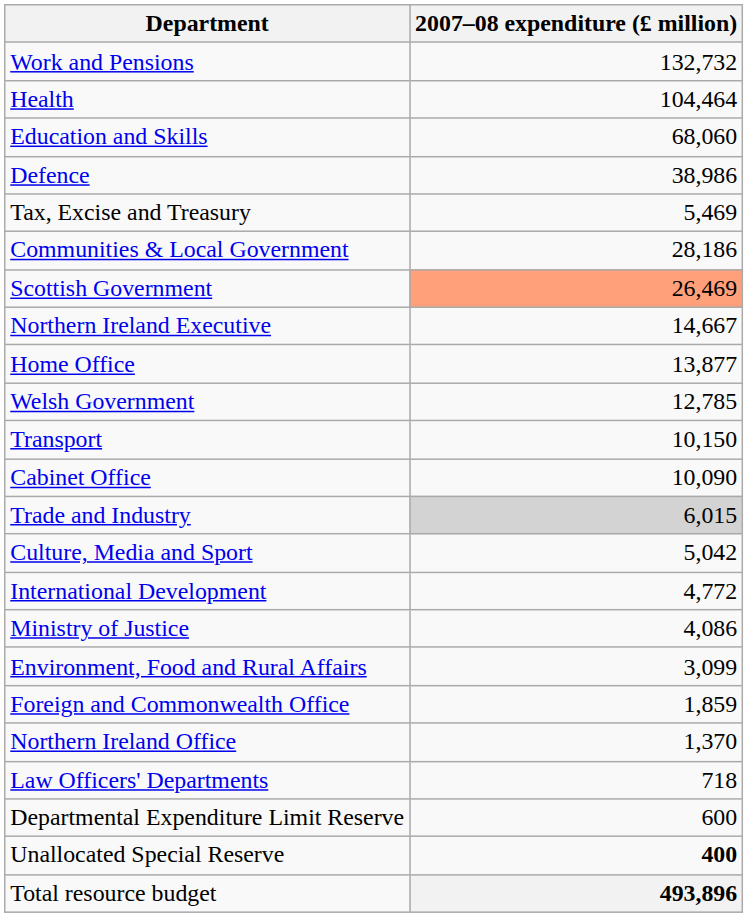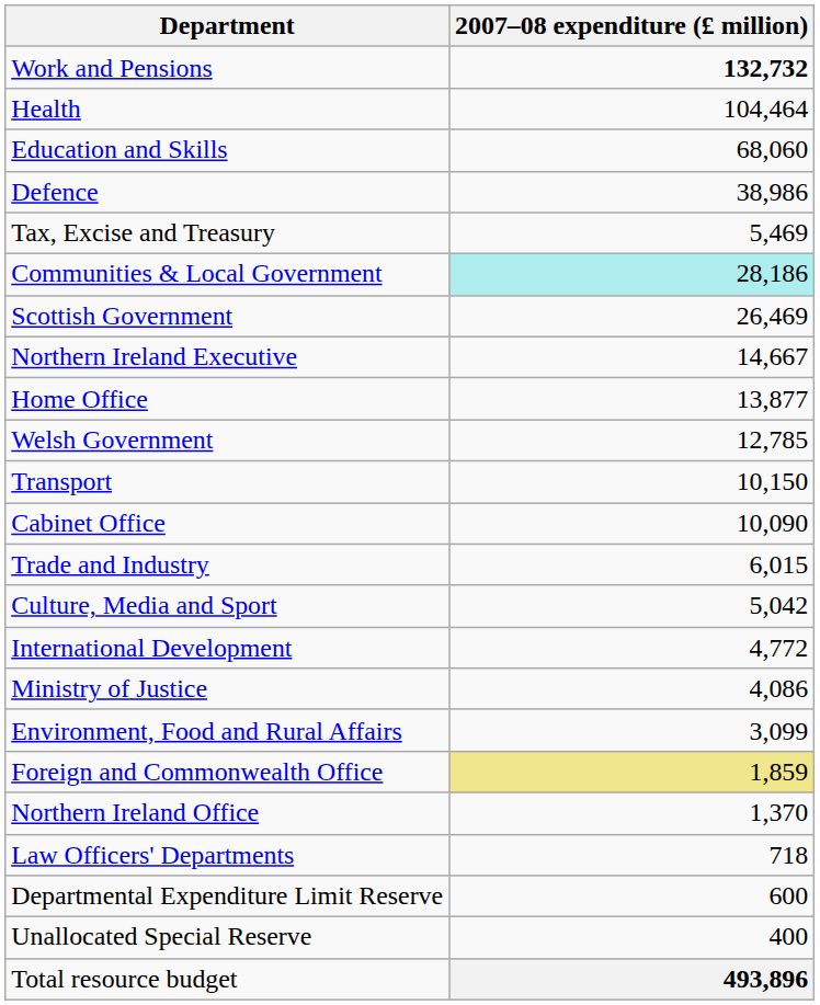 <table class="wikitable sortable">
 <tr>
 <th>Department</th>
 <th style="text-align: right">2007–08 expenditure (£ million)</th>
 </tr>
 <tr>
 <td><a href='#'>Work and Pensions</a></td>
-<td style="text-align: right">132,732</td>
+<td style="text-align: right"><strong>132,732</strong></td>
 </tr>
 <tr>
 <td><a href='#'>Health</a></td>
 <td style="text-align: right">104,464</td>
 </tr>
 <tr>
 <td><a href='#'>Education and Skills</a></td>
 <td style="text-align: right">68,060</td>
 </tr>
 <tr>
 <td><a href='#'>Defence</a></td>
 <td style="text-align: right">38,986</td>
 </tr>
 <tr>
 <td>Tax, Excise and Treasury</td>
 <td style="text-align: right">5,469</td>
 </tr>
 <tr>
 <td><a href='#'>Communities & Local Government</a></td>
-<td style="text-align: right">28,186</td>
+<td style="background: paleturquoise; text-align: right">28,186</td>
 </tr>
 <tr>
 <td><a href='#'>Scottish Government</a></td>
-<td style="background: lightsalmon; text-align: right">26,469</td>
+<td style="text-align: right">26,469</td>
 </tr>
 <tr>
 <td><a href='#'>Northern Ireland Executive</a></td>
 <td style="text-align: right">14,667</td>
 </tr>
 <tr>
 <td><a href='#'>Home Office</a></td>
 <td style="text-align: right">13,877</td>
 </tr>
 <tr>
 <td><a href='#'>Welsh Government</a></td>
 <td style="text-align: right">12,785</td>
 </tr>
 <tr>
 <td><a href='#'>Transport</a></td>
 <td style="text-align: right">10,150</td>
 </tr>
 <tr>
 <td><a href='#'>Cabinet Office</a></td>
 <td style="text-align: right">10,090</td>
 </tr>
 <tr>
 <td><a href='#'>Trade and Industry</a></td>
-<td style="background: lightgrey; text-align: right">6,015</td>
+<td style="text-align: right">6,015</td>
 </tr>
 <tr>
 <td><a href='#'>Culture, Media and Sport</a></td>
 <td style="text-align: right">5,042</td>
 </tr>
 <tr>
 <td><a href='#'>International Development</a></td>
 <td style="text-align: right">4,772</td>
 </tr>
 <tr>
 <td><a href='#'>Ministry of Justice</a></td>
 <td style="text-align: right">4,086</td>
 </tr>
 <tr>
 <td><a href='#'>Environment, Food and Rural Affairs</a></td>
 <td style="text-align: right">3,099</td>
 </tr>
 <tr>
 <td><a href='#'>Foreign and Commonwealth Office</a></td>
-<td style="text-align: right">1,859</td>
+<td style="background: khaki; text-align: right">1,859</td>
 </tr>
 <tr>
 <td><a href='#'>Northern Ireland Office</a></td>
 <td style="text-align: right">1,370</td>
 </tr>
 <tr>
 <td><a href='#'>Law Officers' Departments</a></td>
 <td style="text-align: right">718</td>
 </tr>
 <tr>
 <td>Departmental Expenditure Limit Reserve</td>
 <td style="text-align: right">600</td>
 </tr>
 <tr>
 <td>Unallocated Special Reserve</td>
-<td style="text-align: right"><strong>400</strong></td>
+<td style="text-align: right">400</td>
 </tr>
 <tr class="sortbottom">
 <td style="text-align: left">Total resource budget</td>
 <th style="text-align: right">493,896</th>
 </tr>
 </table>
